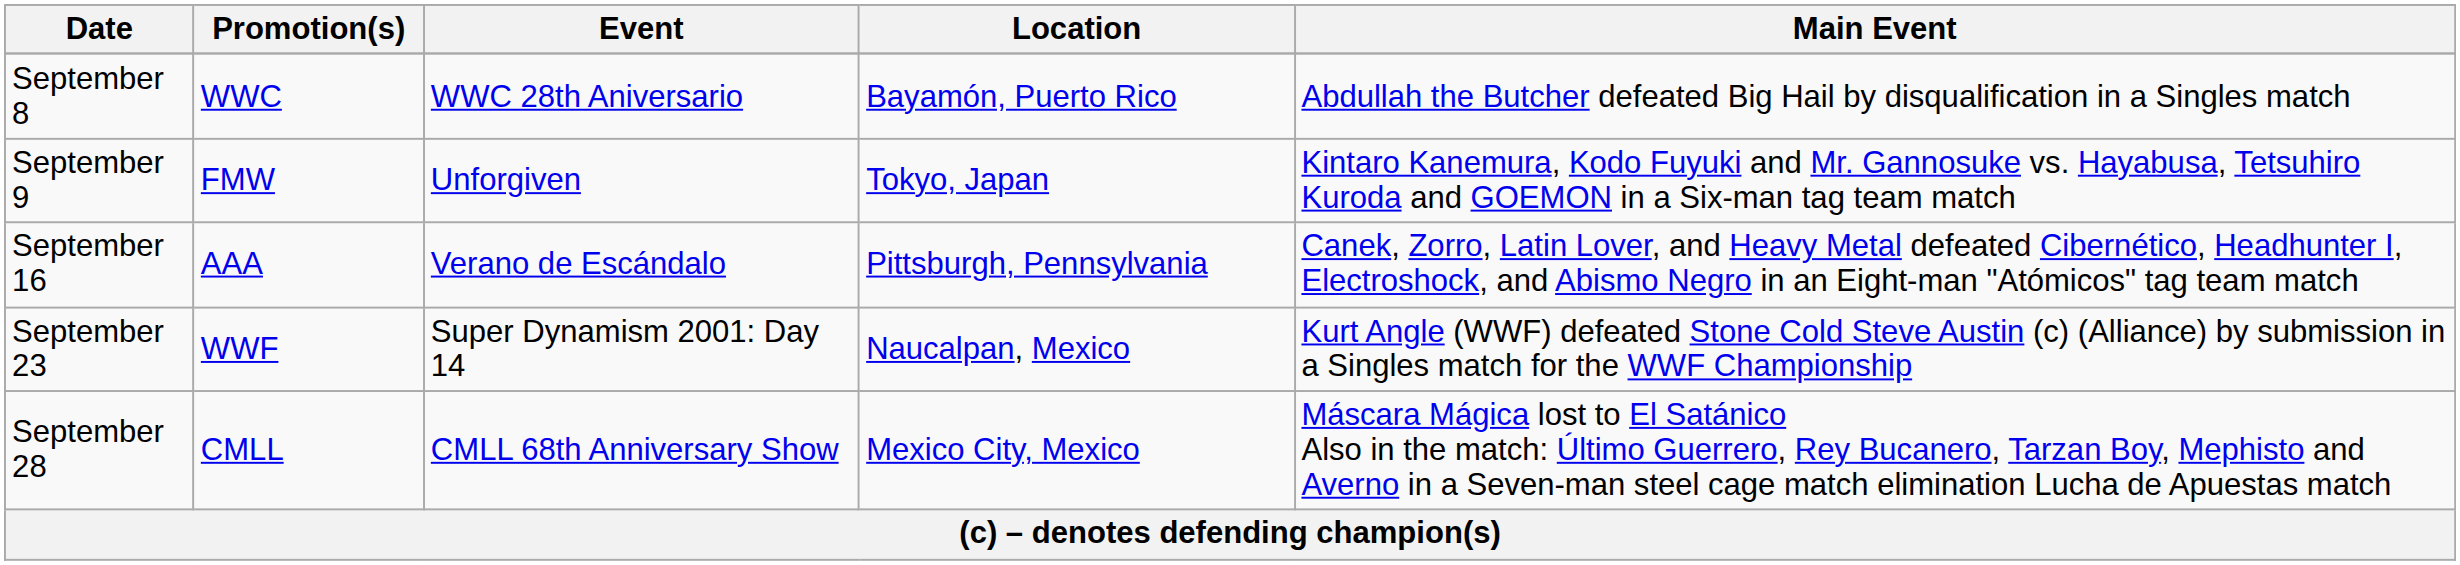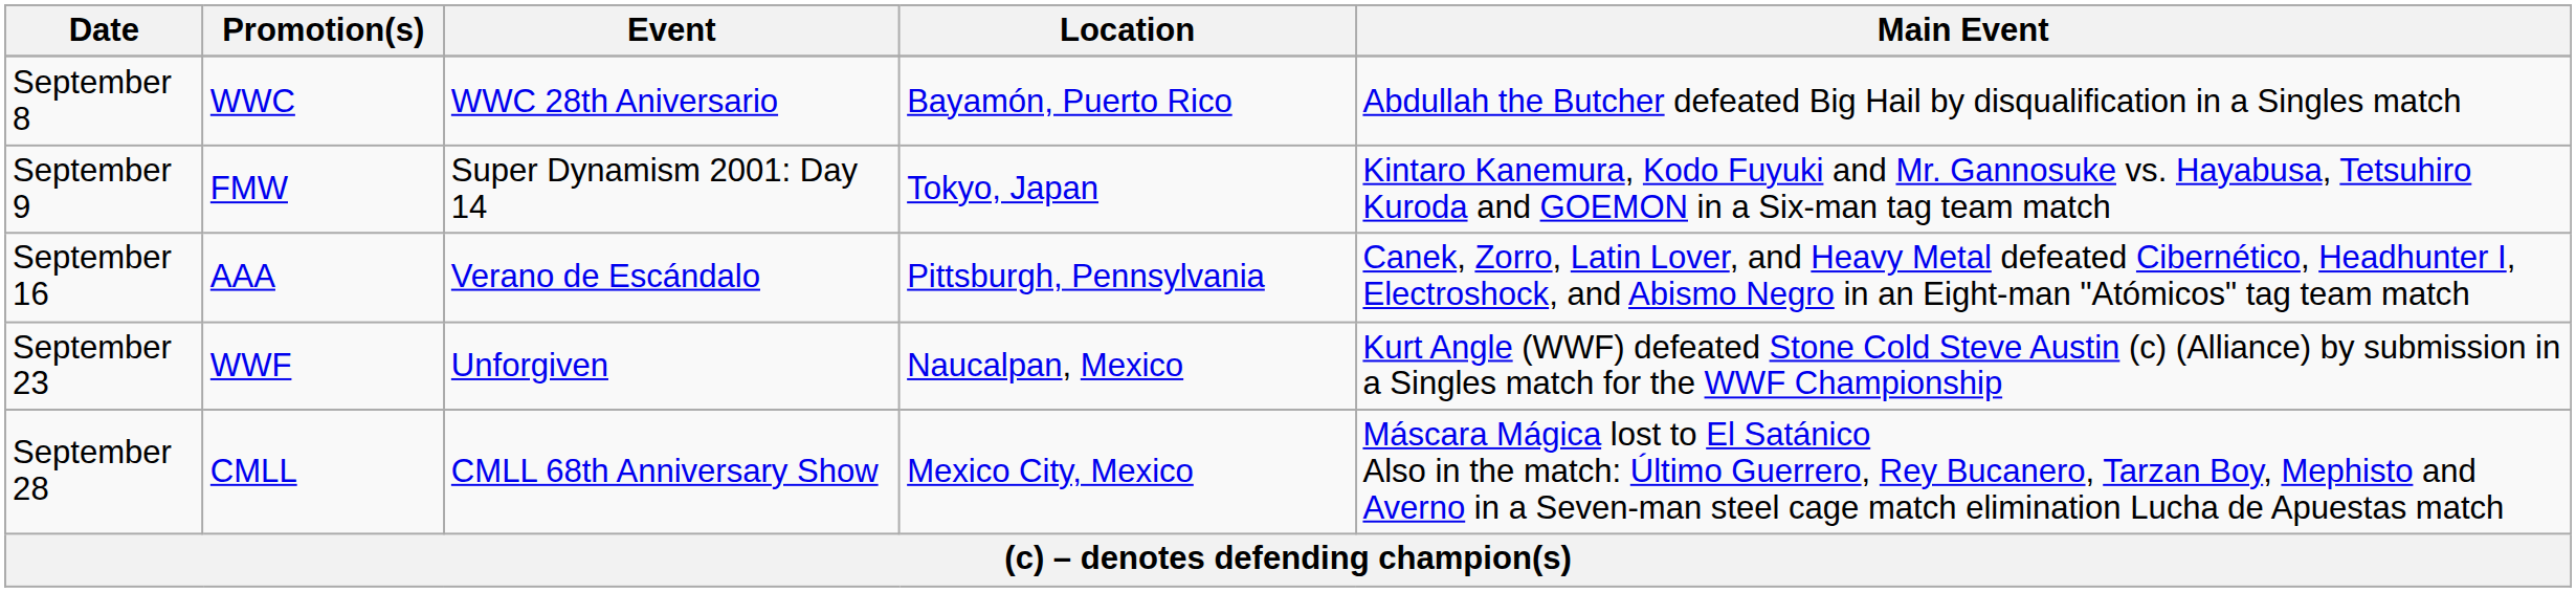 <table class="wikitable" style="width:100%;">
 <tr>
 <th width="5%">Date</th>
 <th width="5%">Promotion(s)</th>
 <th style="width:15%;">Event</th>
 <th style="width:15%;">Location</th>
 <th style="width:40%;">Main Event</th>
 </tr>
 <tr style="width:20%;" |Notes>
 </tr>
 <tr>
 <td>September 8</td>
 <td><a href='#'>WWC</a></td>
 <td><a href='#'>WWC 28th Aniversario</a></td>
 <td><a href='#'>Bayamón, Puerto Rico</a></td>
 <td><a href='#'>Abdullah the Butcher</a> defeated Big Hail by disqualification in a Singles match</td>
 </tr>
 <tr>
 <td>September 9</td>
 <td><a href='#'>FMW</a></td>
-<td><a href='#'>Unforgiven</a></td>
+<td>Super Dynamism 2001: Day 14</td>
 <td><a href='#'>Tokyo, Japan</a></td>
 <td><a href='#'>Kintaro Kanemura</a>, <a href='#'>Kodo Fuyuki</a> and <a href='#'>Mr. Gannosuke</a> vs. <a href='#'>Hayabusa</a>, <a href='#'>Tetsuhiro Kuroda</a> and <a href='#'>GOEMON</a> in a Six-man tag team match</td>
 </tr>
 <tr>
 <td>September 16</td>
 <td><a href='#'>AAA</a></td>
 <td><a href='#'>Verano de Escándalo</a></td>
 <td><a href='#'>Pittsburgh, Pennsylvania</a></td>
 <td><a href='#'>Canek</a>, <a href='#'>Zorro</a>, <a href='#'>Latin Lover</a>, and <a href='#'>Heavy Metal</a> defeated <a href='#'>Cibernético</a>, <a href='#'>Headhunter I</a>, <a href='#'>Electroshock</a>, and <a href='#'>Abismo Negro</a> in an 	Eight-man "Atómicos" tag team match</td>
 </tr>
 <tr>
 <td>September 23</td>
 <td><a href='#'>WWF</a></td>
-<td>Super Dynamism 2001: Day 14</td>
+<td><a href='#'>Unforgiven</a></td>
 <td><a href='#'>Naucalpan</a>, <a href='#'>Mexico</a></td>
 <td><a href='#'>Kurt Angle</a> (WWF) defeated <a href='#'>Stone Cold Steve Austin</a> (c) (Alliance) by submission in a Singles match for the <a href='#'>WWF Championship</a></td>
 </tr>
 <tr>
 <td>September 28</td>
 <td><a href='#'>CMLL</a></td>
 <td><a href='#'>CMLL 68th Anniversary Show</a></td>
 <td><a href='#'>Mexico City, Mexico</a></td>
 <td><a href='#'>Máscara Mágica</a> lost to <a href='#'>El Satánico</a><br>Also in the match: <a href='#'>Último Guerrero</a>, <a href='#'>Rey Bucanero</a>, <a href='#'>Tarzan Boy</a>, <a href='#'>Mephisto</a> and <a href='#'>Averno</a> in a Seven-man steel cage match elimination Lucha de Apuestas match</td>
 </tr>
 <tr>
 <th colspan="6">(c) – denotes defending champion(s)</th>
 </tr>
 </table>
